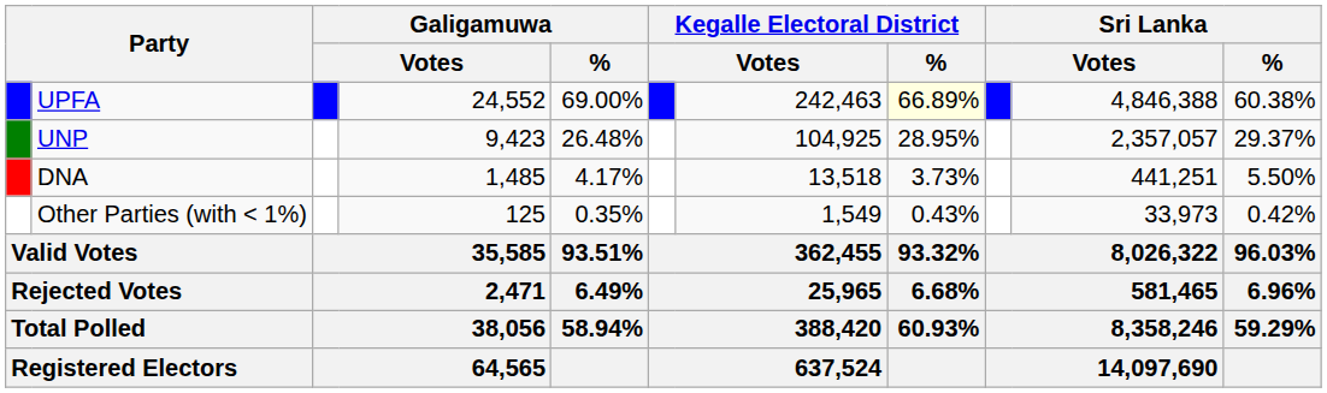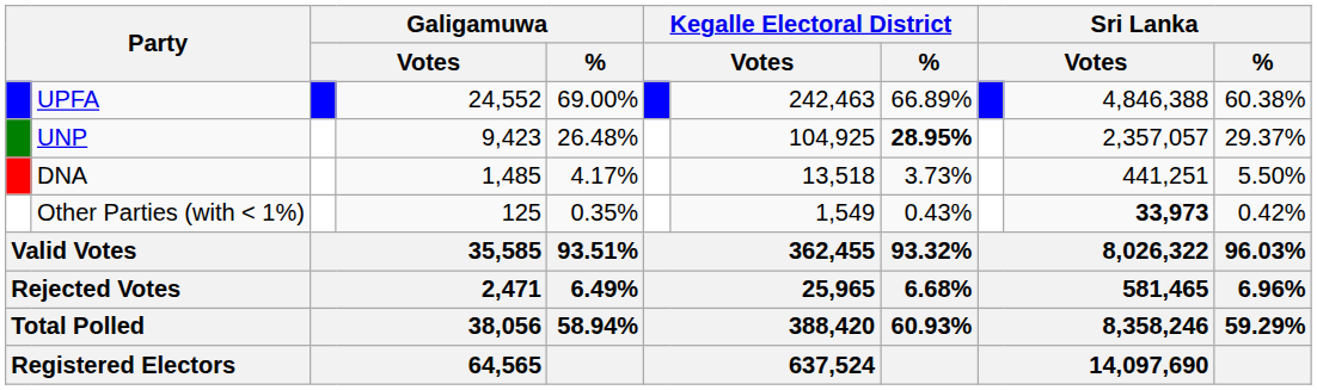 <table class="wikitable">
 <tr>
 <th colspan="2" width="144px"rowspan="2">Party</th>
 <th colspan="3" width="216px">Galigamuwa</th>
 <th colspan="3" width="216px"><a href='#'>Kegalle Electoral District</a></th>
 <th colspan="3" width="216px">Sri Lanka</th>
 </tr>
 <tr>
 <th colspan="2" width="144px">Votes</th>
 <th>%</th>
 <th colspan="2" width="144px">Votes</th>
 <th>%</th>
 <th colspan="2" width="144px">Votes</th>
 <th>%</th>
 </tr>
 <tr>
 <td style="background-color:blue;" width="10px"></td>
 <td style="text-align:left;"><a href='#'>UPFA</a></td>
 <td style="background-color:blue;" width="10px"></td>
 <td style="text-align:right;">24,552</td>
 <td style="text-align:right;">69.00%</td>
 <td style="background-color:blue;" width="10px"></td>
 <td style="text-align:right;">242,463</td>
-<td style="background: lightyellow; text-align:right;">66.89%</td>
+<td style="text-align:right;">66.89%</td>
 <td style="background-color:blue;" width="10px"></td>
 <td style="text-align:right;">4,846,388</td>
 <td style="text-align:right;">60.38%</td>
 </tr>
 <tr>
 <td style="background-color:green;" width="10px"></td>
 <td style="text-align:left;"><a href='#'>UNP</a></td>
 <td style="background-color:white;" width="10px"></td>
 <td style="text-align:right;">9,423</td>
 <td style="text-align:right;">26.48%</td>
 <td style="background-color:white;" width="10px"></td>
 <td style="text-align:right;">104,925</td>
-<td style="text-align:right;">28.95%</td>
+<td style="text-align:right;"><strong>28.95%</strong></td>
 <td style="background-color:white;" width="10px"></td>
 <td style="text-align:right;">2,357,057</td>
 <td style="text-align:right;">29.37%</td>
 </tr>
 <tr>
 <td style="background-color:red;" width="10px"></td>
 <td style="text-align:left;">DNA</td>
 <td style="background-color:white;" width="10px"></td>
 <td style="text-align:right;">1,485</td>
 <td style="text-align:right;">4.17%</td>
 <td style="background-color:white;" width="10px"></td>
 <td style="text-align:right;">13,518</td>
 <td style="text-align:right;">3.73%</td>
 <td style="background-color:white;" width="10px"></td>
 <td style="text-align:right;">441,251</td>
 <td style="text-align:right;">5.50%</td>
 </tr>
 <tr>
 <td style="background-color:white;" width="10px"></td>
 <td style="text-align:left;">Other Parties (with < 1%)</td>
 <td style="background-color:white;" width="10px"></td>
 <td style="text-align:right;">125</td>
 <td style="text-align:right;">0.35%</td>
 <td style="background-color:white;" width="10px"></td>
 <td style="text-align:right;">1,549</td>
 <td style="text-align:right;">0.43%</td>
 <td style="background-color:white;" width="10px"></td>
-<td style="text-align:right;">33,973</td>
+<td style="text-align:right;"><strong>33,973</strong></td>
 <td style="text-align:right;">0.42%</td>
 </tr>
 <tr>
 <th colspan="2" width="144px"style="text-align:left;">Valid Votes</th>
 <th style="text-align:right;"colspan="2" width="144px">35,585</th>
 <th style="text-align:right;">93.51%</th>
 <th style="text-align:right;"colspan="2" width="144px">362,455</th>
 <th style="text-align:right;">93.32%</th>
 <th style="text-align:right;"colspan="2" width="144px">8,026,322</th>
 <th style="text-align:right;">96.03%</th>
 </tr>
 <tr>
 <th colspan="2" width="144px"style="text-align:left;">Rejected Votes</th>
 <th style="text-align:right;"colspan="2" width="144px">2,471</th>
 <th style="text-align:right;">6.49%</th>
 <th style="text-align:right;"colspan="2" width="144px">25,965</th>
 <th style="text-align:right;">6.68%</th>
 <th style="text-align:right;"colspan="2" width="144px">581,465</th>
 <th style="text-align:right;">6.96%</th>
 </tr>
 <tr>
 <th colspan="2" width="144px"style="text-align:left;">Total Polled</th>
 <th style="text-align:right;"colspan="2" width="144px">38,056</th>
 <th style="text-align:right;">58.94%</th>
 <th style="text-align:right;"colspan="2" width="144px">388,420</th>
 <th style="text-align:right;">60.93%</th>
 <th style="text-align:right;"colspan="2" width="144px">8,358,246</th>
 <th style="text-align:right;">59.29%</th>
 </tr>
 <tr>
 <th colspan="2" width="144px"style="text-align:left;">Registered Electors</th>
 <th style="text-align:right;"colspan="2" width="144px">64,565</th>
 <th></th>
 <th style="text-align:right;"colspan="2" width="144px">637,524</th>
 <th></th>
 <th style="text-align:right;"colspan="2" width="144px">14,097,690</th>
 <th></th>
 </tr>
 </table>
